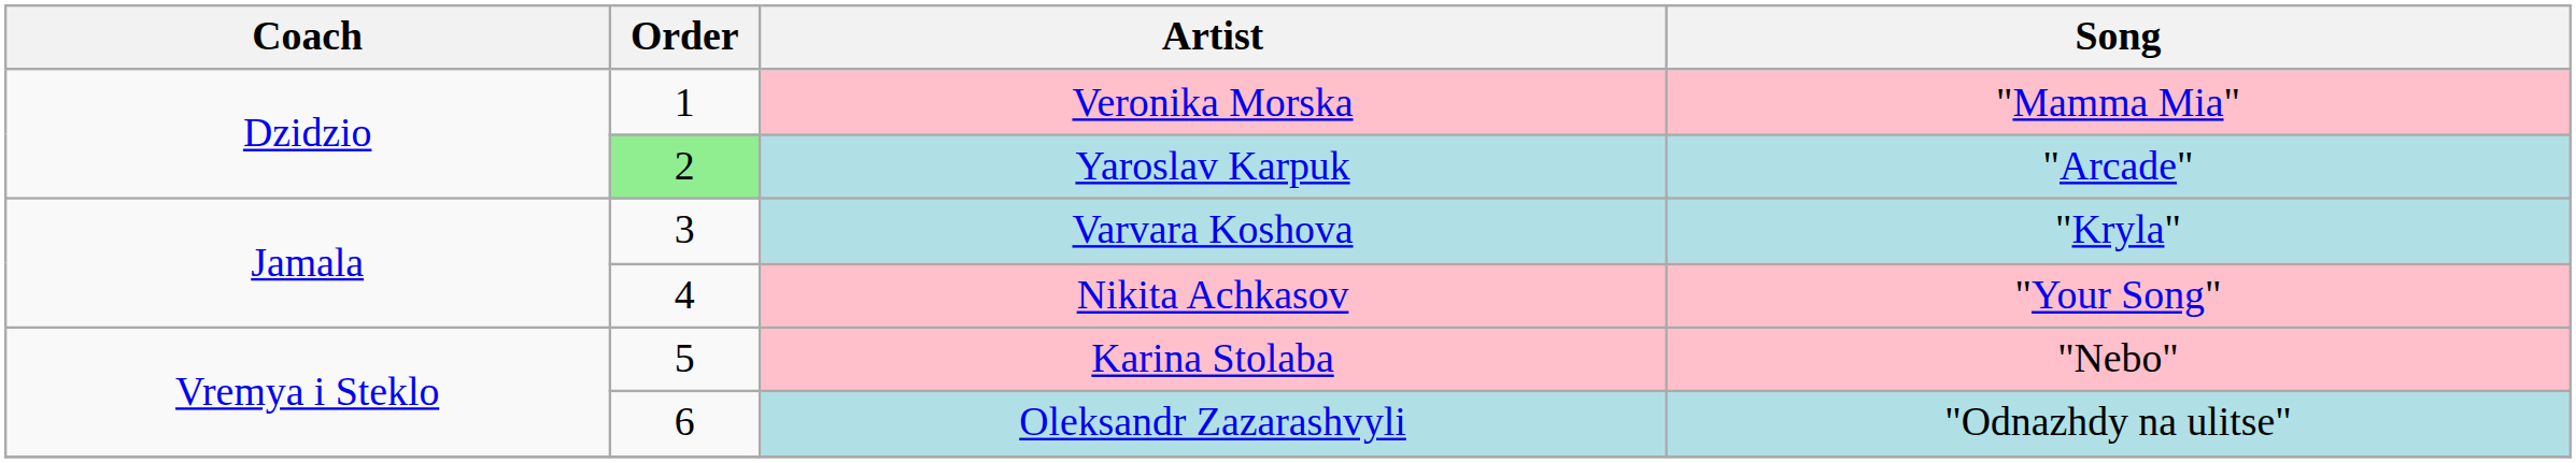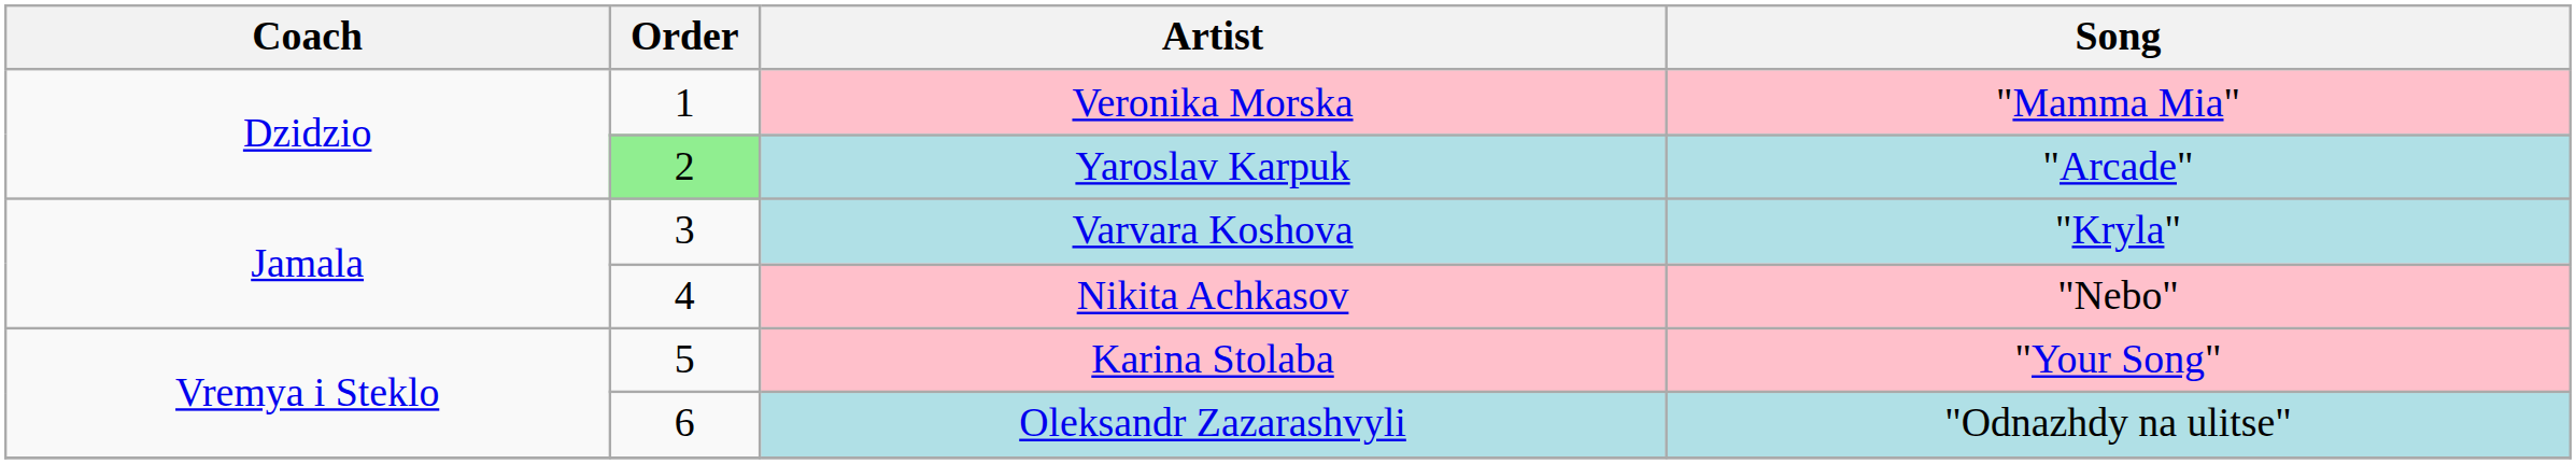 <table class="wikitable" style="text-align:center; width:80%;">
 <tr>
 <th style="width:20%;">Coach</th>
 <th style="width:05%;">Order</th>
 <th style="width:30%;">Artist</th>
 <th style="width:30%;">Song</th>
 </tr>
 <tr>
 <td rowspan="2"><a href='#'>Dzidzio</a></td>
 <td>1</td>
 <td style="background:pink"><a href='#'>Veronika Morska</a></td>
 <td style="background:pink">"<a href='#'>Mamma Mia</a>"</td>
 </tr>
 <tr>
 <td style="background: lightgreen;">2</td>
 <td style="background:#b0e0e6"><a href='#'>Yaroslav Karpuk</a></td>
 <td style="background:#b0e0e6">"<a href='#'>Arcade</a>"</td>
 </tr>
 <tr>
 <td rowspan="2"><a href='#'>Jamala</a></td>
 <td>3</td>
 <td style="background:#b0e0e6"><a href='#'>Varvara Koshova</a></td>
 <td style="background:#b0e0e6">"<a href='#'>Kryla</a>"</td>
 </tr>
 <tr>
 <td>4</td>
 <td style="background:pink"><a href='#'>Nikita Achkasov</a></td>
-<td style="background:pink">"<a href='#'>Your Song</a>"</td>
+<td style="background:pink">"Nebo"</td>
 </tr>
 <tr>
 <td rowspan="2"><a href='#'>Vremya i Steklo</a></td>
 <td>5</td>
 <td style="background:pink"><a href='#'>Karina Stolaba</a></td>
-<td style="background:pink">"Nebo"</td>
+<td style="background:pink">"<a href='#'>Your Song</a>"</td>
 </tr>
 <tr>
 <td>6</td>
 <td style="background:#b0e0e6"><a href='#'>Oleksandr Zazarashvyli</a></td>
 <td style="background:#b0e0e6">"Odnazhdy na ulitse"</td>
 </tr>
 <tr>
 </tr>
 </table>
